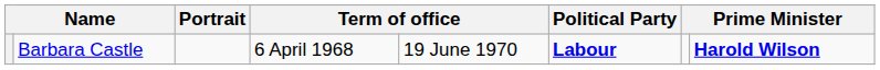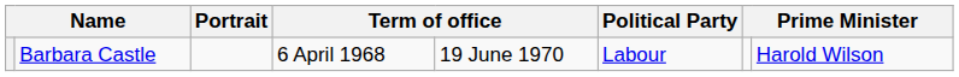 <table class="wikitable">
 <tr>
 <th colspan=2>Name</th>
 <th>Portrait</th>
 <th colspan=2>Term of office</th>
 <th>Political Party</th>
 <th colspan=2>Prime Minister</th>
 </tr>
 <tr>
 <th style="background-color: "></th>
 <td width=130><a href='#'>Barbara Castle</a></td>
 <td></td>
 <td width=120>6 April 1968</td>
 <td width=120>19 June 1970</td>
-<td><strong><a href='#'>Labour</a></strong></td>
+<td><a href='#'>Labour</a></td>
 <td style="background-color: "></td>
-<td width=150><strong><a href='#'>Harold Wilson</a></strong></td>
+<td width=150><a href='#'>Harold Wilson</a></td>
 </tr>
 </table>
